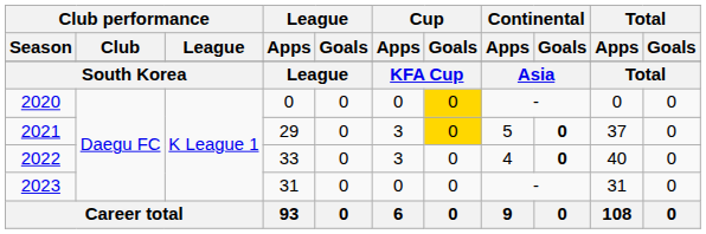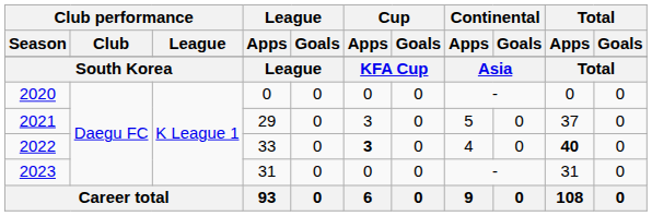 <table class="wikitable" style="text-align:center">
 <tr>
 <th colspan=3>Club performance</th>
 <th colspan=2>League</th>
 <th colspan=2>Cup</th>
 <th colspan=2>Continental</th>
 <th colspan=2>Total</th>
 </tr>
 <tr>
 <th>Season</th>
 <th>Club</th>
 <th>League</th>
 <th>Apps</th>
 <th>Goals</th>
 <th>Apps</th>
 <th>Goals</th>
 <th>Apps</th>
 <th>Goals</th>
 <th>Apps</th>
 <th>Goals</th>
 </tr>
 <tr>
 </tr>
 <tr>
 <th colspan=3>South Korea</th>
 <th colspan=2>League</th>
 <th colspan=2><a href='#'>KFA Cup</a></th>
 <th colspan=2><a href='#'>Asia</a></th>
 <th colspan=2>Total</th>
 </tr>
 <tr>
 <td><a href='#'>2020</a></td>
 <td rowspan="4"><a href='#'>Daegu FC</a></td>
 <td rowspan="4"><a href='#'>K League 1</a></td>
 <td>0</td>
 <td>0</td>
 <td>0</td>
-<td style="background: gold;">0</td>
+<td>0</td>
 <td colspan="2">-</td>
 <td>0</td>
 <td>0</td>
 </tr>
 <tr>
 <td><a href='#'>2021</a></td>
 <td>29</td>
 <td>0</td>
 <td>3</td>
-<td style="background: gold;">0</td>
+<td>0</td>
 <td>5</td>
-<td><strong>0</strong></td>
+<td>0</td>
 <td>37</td>
 <td>0</td>
 </tr>
 <tr>
 <td><a href='#'>2022</a></td>
 <td>33</td>
 <td>0</td>
-<td>3</td>
+<td><strong>3</strong></td>
 <td>0</td>
 <td>4</td>
-<td><strong>0</strong></td>
-<td>40</td>
+<td>0</td>
+<td><strong>40</strong></td>
 <td>0</td>
 </tr>
 <tr>
 <td><a href='#'>2023</a></td>
 <td>31</td>
 <td>0</td>
 <td>0</td>
 <td>0</td>
 <td colspan="2">-</td>
 <td>31</td>
 <td>0</td>
 </tr>
 <tr>
 <th colspan=3>Career total</th>
 <th>93</th>
 <th>0</th>
 <th>6</th>
 <th>0</th>
 <th>9</th>
 <th>0</th>
 <th>108</th>
 <th>0</th>
 </tr>
 </table>
